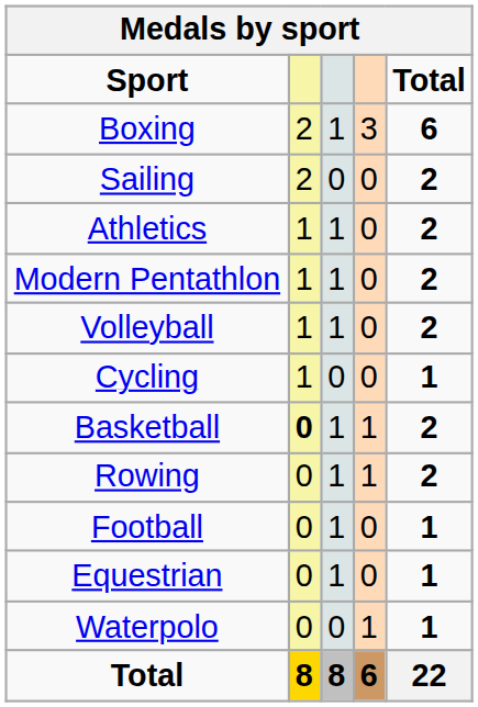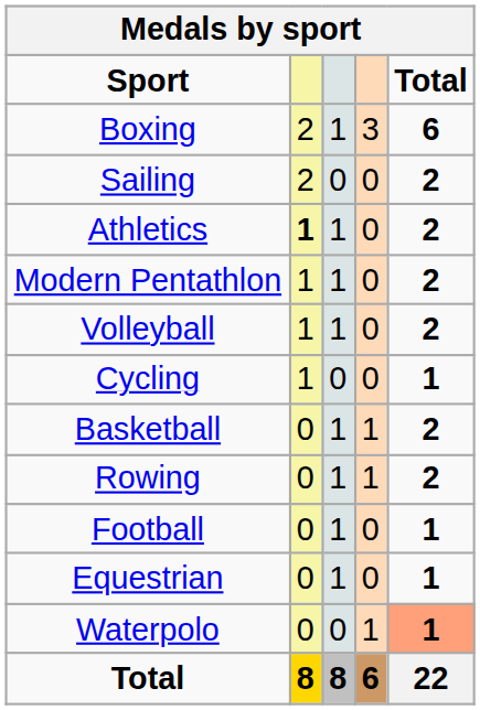 <table class="wikitable" style="font-size:85%; float:right;">
 <tr style="background:#efefef;">
 <th colspan=7><strong>Medals by sport</strong></th>
 </tr>
 <tr align=center>
 <td><strong>Sport</strong></td>
 <td bgcolor=#f7f6a8></td>
 <td bgcolor=#dce5e5></td>
 <td bgcolor=#ffdab9></td>
 <td><strong>Total</strong></td>
 </tr>
 <tr align=center>
 <td><a href='#'>Boxing</a></td>
 <td style="background:#F7F6A8;">2</td>
 <td style="background:#DCE5E5;">1</td>
 <td style="background:#FFDAB9;">3</td>
 <td><strong>6</strong></td>
 </tr>
 <tr align=center>
 <td><a href='#'>Sailing</a></td>
 <td style="background:#F7F6A8;">2</td>
 <td style="background:#DCE5E5;">0</td>
 <td style="background:#FFDAB9;">0</td>
 <td><strong>2</strong></td>
 </tr>
 <tr align=center>
 <td><a href='#'>Athletics</a></td>
-<td style="background:#F7F6A8;">1</td>
+<td style="background:#F7F6A8;"><strong>1</strong></td>
 <td style="background:#DCE5E5;">1</td>
 <td style="background:#FFDAB9;">0</td>
 <td><strong>2</strong></td>
 </tr>
 <tr align=center>
 <td><a href='#'>Modern Pentathlon</a></td>
 <td style="background:#F7F6A8;">1</td>
 <td style="background:#DCE5E5;">1</td>
 <td style="background:#FFDAB9;">0</td>
 <td><strong>2</strong></td>
 </tr>
 <tr align=center>
 <td><a href='#'>Volleyball</a></td>
 <td style="background:#F7F6A8;">1</td>
 <td style="background:#DCE5E5;">1</td>
 <td style="background:#FFDAB9;">0</td>
 <td><strong>2</strong></td>
 </tr>
 <tr align=center>
 <td><a href='#'>Cycling</a></td>
 <td style="background:#F7F6A8;">1</td>
 <td style="background:#DCE5E5;">0</td>
 <td style="background:#FFDAB9;">0</td>
 <td><strong>1</strong></td>
 </tr>
 <tr align=center>
 <td><a href='#'>Basketball</a></td>
-<td style="background:#F7F6A8;"><strong>0</strong></td>
+<td style="background:#F7F6A8;">0</td>
 <td style="background:#DCE5E5;">1</td>
 <td style="background:#FFDAB9;">1</td>
 <td><strong>2</strong></td>
 </tr>
 <tr align=center>
 <td><a href='#'>Rowing</a></td>
 <td style="background:#F7F6A8;">0</td>
 <td style="background:#DCE5E5;">1</td>
 <td style="background:#FFDAB9;">1</td>
 <td><strong>2</strong></td>
 </tr>
 <tr align=center>
 <td><a href='#'>Football</a></td>
 <td style="background:#F7F6A8;">0</td>
 <td style="background:#DCE5E5;">1</td>
 <td style="background:#FFDAB9;">0</td>
 <td><strong>1</strong></td>
 </tr>
 <tr align=center>
 <td><a href='#'>Equestrian</a></td>
 <td style="background:#F7F6A8;">0</td>
 <td style="background:#DCE5E5;">1</td>
 <td style="background:#FFDAB9;">0</td>
 <td><strong>1</strong></td>
 </tr>
 <tr align=center>
 <td><a href='#'>Waterpolo</a></td>
 <td style="background:#F7F6A8;">0</td>
 <td style="background:#DCE5E5;">0</td>
 <td style="background:#FFDAB9;">1</td>
-<td><strong>1</strong></td>
+<td style="background: lightsalmon;"><strong>1</strong></td>
 </tr>
 <tr align=center>
 <td><strong>Total</strong></td>
 <th style="background:gold;"><strong>8</strong></th>
 <th style="background:silver;"><strong>8</strong></th>
 <th style="background:#c96;"><strong>6</strong></th>
 <th><strong>22</strong></th>
 </tr>
 </table>
